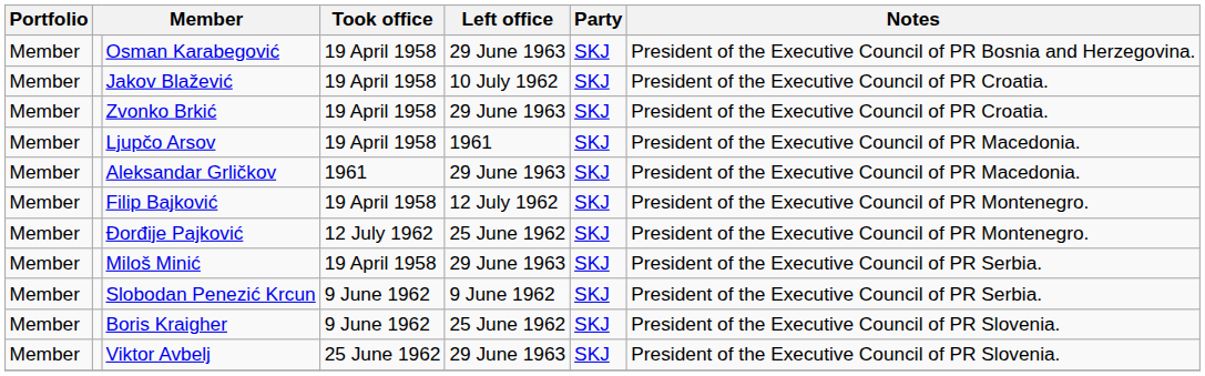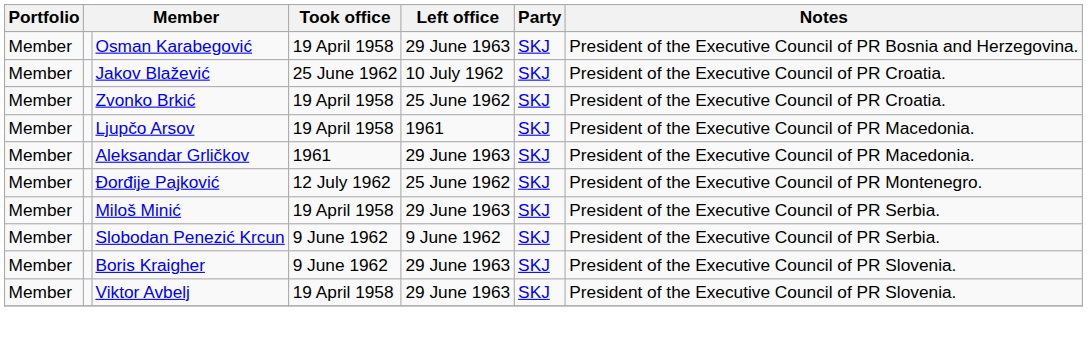 <table class="wikitable">
 <tr>
 <th style="text-align: center;">Portfolio</th>
 <th colspan="2" style="text-align: center;">Member</th>
 <th style="text-align: center;">Took office</th>
 <th style="text-align: center;">Left office</th>
 <th style="text-align: center;">Party</th>
 <th style="text-align: center;">Notes</th>
 </tr>
 <tr>
 <td>Member</td>
 <td style="background:"></td>
 <td><a href='#'>Osman Karabegović</a></td>
 <td>19 April 1958</td>
 <td>29 June 1963</td>
 <td><a href='#'>SKJ</a></td>
 <td>President of the Executive Council of PR Bosnia and Herzegovina.</td>
 </tr>
 <tr>
 <td>Member</td>
 <td style="background:"></td>
 <td><a href='#'>Jakov Blažević</a></td>
-<td>19 April 1958</td>
+<td>25 June 1962</td>
 <td>10 July 1962</td>
 <td><a href='#'>SKJ</a></td>
 <td>President of the Executive Council of PR Croatia.</td>
 </tr>
 <tr>
 <td>Member</td>
 <td style="background:"></td>
 <td><a href='#'>Zvonko Brkić</a></td>
 <td>19 April 1958</td>
-<td>29 June 1963</td>
+<td>25 June 1962</td>
 <td><a href='#'>SKJ</a></td>
 <td>President of the Executive Council of PR Croatia.</td>
 </tr>
 <tr>
 <td>Member</td>
 <td style="background:"></td>
 <td><a href='#'>Ljupčo Arsov</a></td>
 <td>19 April 1958</td>
 <td>1961</td>
 <td><a href='#'>SKJ</a></td>
 <td>President of the Executive Council of PR Macedonia.</td>
 </tr>
 <tr>
 <td>Member</td>
 <td style="background:"></td>
 <td><a href='#'>Aleksandar Grličkov</a></td>
 <td>1961</td>
 <td>29 June 1963</td>
 <td><a href='#'>SKJ</a></td>
 <td>President of the Executive Council of PR Macedonia.</td>
-</tr>
-<tr>
-<td>Member</td>
-<td style="background:"></td>
-<td><a href='#'>Filip Bajković</a></td>
-<td>19 April 1958</td>
-<td>12 July 1962</td>
-<td><a href='#'>SKJ</a></td>
-<td>President of the Executive Council of PR Montenegro.</td>
 </tr>
 <tr>
 <td>Member</td>
 <td style="background:"></td>
 <td><a href='#'>Đorđije Pajković</a></td>
 <td>12 July 1962</td>
 <td>25 June 1962</td>
 <td><a href='#'>SKJ</a></td>
 <td>President of the Executive Council of PR Montenegro.</td>
 </tr>
 <tr>
 <td>Member</td>
 <td style="background:"></td>
 <td><a href='#'>Miloš Minić</a></td>
 <td>19 April 1958</td>
 <td>29 June 1963</td>
 <td><a href='#'>SKJ</a></td>
 <td>President of the Executive Council of PR Serbia.</td>
 </tr>
 <tr>
 <td>Member</td>
 <td style="background:"></td>
 <td><a href='#'>Slobodan Penezić Krcun</a></td>
 <td>9 June 1962</td>
 <td>9 June 1962</td>
 <td><a href='#'>SKJ</a></td>
 <td>President of the Executive Council of PR Serbia.</td>
 </tr>
 <tr>
 <td>Member</td>
 <td style="background:"></td>
 <td><a href='#'>Boris Kraigher</a></td>
 <td>9 June 1962</td>
-<td>25 June 1962</td>
+<td>29 June 1963</td>
 <td><a href='#'>SKJ</a></td>
 <td>President of the Executive Council of PR Slovenia.</td>
 </tr>
 <tr>
 <td>Member</td>
 <td style="background:"></td>
 <td><a href='#'>Viktor Avbelj</a></td>
-<td>25 June 1962</td>
+<td>19 April 1958</td>
 <td>29 June 1963</td>
 <td><a href='#'>SKJ</a></td>
 <td>President of the Executive Council of PR Slovenia.</td>
 </tr>
 <tr>
 </tr>
 </table>
